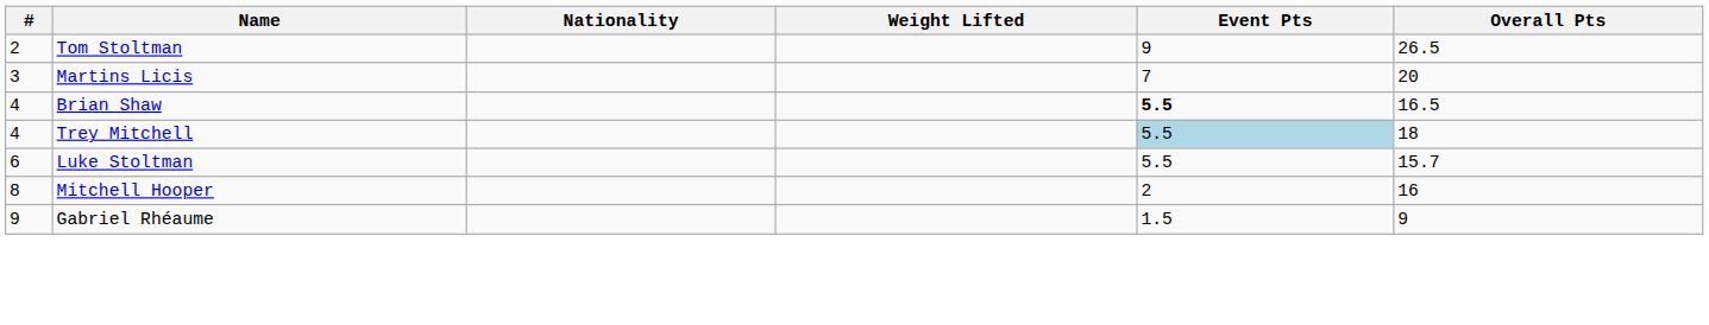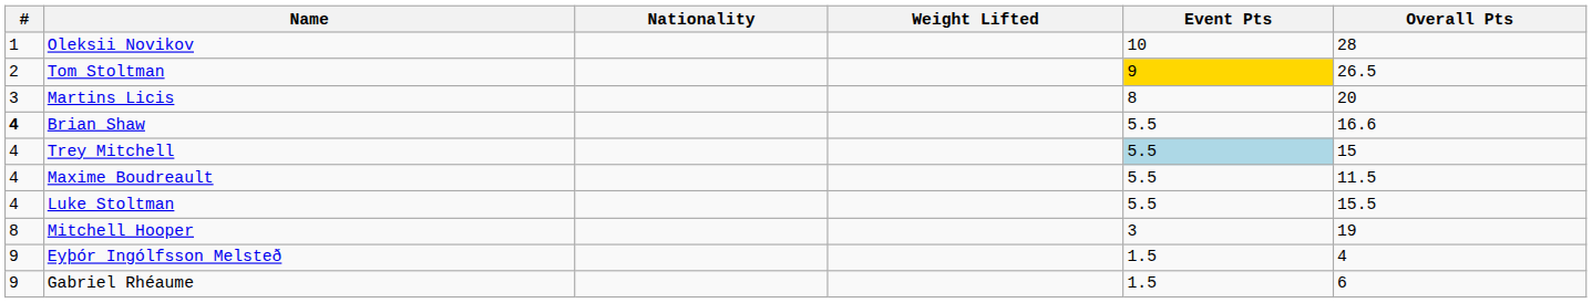 <table class="wikitable sortable" style="display: inline-table;width: 100%;">
 <tr>
 <th>#</th>
 <th>Name</th>
 <th>Nationality</th>
 <th>Weight Lifted</th>
 <th>Event Pts</th>
 <th>Overall Pts</th>
 </tr>
 <tr>
+<td>1</td>
+<td><a href='#'>Oleksii Novikov</a></td>
+<td></td>
+<td></td>
+<td>10</td>
+<td>28</td>
+</tr>
+<tr>
 <td>2</td>
 <td><a href='#'>Tom Stoltman</a></td>
 <td></td>
 <td></td>
-<td>9</td>
+<td style="background: gold;">9</td>
 <td>26.5</td>
 </tr>
 <tr>
 <td>3</td>
 <td><a href='#'>Martins Licis</a></td>
 <td></td>
 <td></td>
-<td>7</td>
+<td>8</td>
 <td>20</td>
 </tr>
 <tr>
-<td>4</td>
+<td><strong>4</strong></td>
 <td><a href='#'>Brian Shaw</a></td>
 <td></td>
 <td></td>
-<td><strong>5.5</strong></td>
-<td>16.5</td>
+<td>5.5</td>
+<td>16.6</td>
 </tr>
 <tr>
 <td>4</td>
 <td><a href='#'>Trey Mitchell</a></td>
 <td></td>
 <td></td>
 <td style="background: lightblue;">5.5</td>
-<td>18</td>
+<td>15</td>
 </tr>
 <tr>
-<td>6</td>
+<td>4</td>
+<td><a href='#'>Maxime Boudreault</a></td>
+<td></td>
+<td></td>
+<td>5.5</td>
+<td>11.5</td>
+</tr>
+<tr>
+<td>4</td>
 <td><a href='#'>Luke Stoltman</a></td>
 <td></td>
 <td></td>
 <td>5.5</td>
-<td>15.7</td>
+<td>15.5</td>
 </tr>
 <tr>
 <td>8</td>
 <td><a href='#'>Mitchell Hooper</a></td>
 <td></td>
 <td></td>
-<td>2</td>
-<td>16</td>
+<td>3</td>
+<td>19</td>
+</tr>
+<tr>
+<td>9</td>
+<td><a href='#'>Eyþór Ingólfsson Melsteð</a></td>
+<td></td>
+<td></td>
+<td>1.5</td>
+<td>4</td>
 </tr>
 <tr>
 <td>9</td>
 <td>Gabriel Rhéaume</td>
 <td></td>
 <td></td>
 <td>1.5</td>
-<td>9</td>
+<td>6</td>
 </tr>
 </table>
